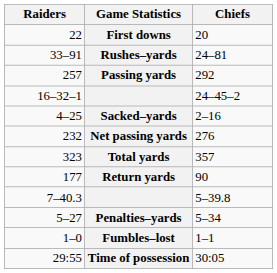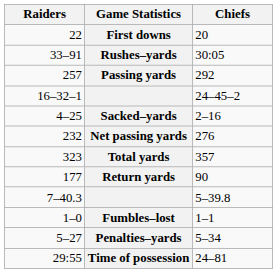 <table class="wikitable" style="margin: 1em auto 1em auto">
 <tr>
 <th style="width:30%;">Raiders</th>
 <th style="width:40%;">Game Statistics</th>
 <th style="width:30%;">Chiefs</th>
 </tr>
 <tr>
 <td style="text-align:right;">22</td>
 <th>First downs</th>
 <td>20</td>
 </tr>
 <tr>
 <td style="text-align:right;">33–91</td>
 <th>Rushes–yards</th>
-<td>24–81</td>
+<td>30:05</td>
 </tr>
 <tr>
 <td style="text-align:right;">257</td>
 <th>Passing yards</th>
 <td>292</td>
 </tr>
 <tr>
 <td style="text-align:right;">16–32–1</td>
 <th></th>
 <td>24–45–2</td>
 </tr>
 <tr>
 <td style="text-align:right;">4–25</td>
 <th>Sacked–yards</th>
 <td>2–16</td>
 </tr>
 <tr>
 <td style="text-align:right;">232</td>
 <th>Net passing yards</th>
 <td>276</td>
 </tr>
 <tr>
 <td style="text-align:right;">323</td>
 <th>Total yards</th>
 <td>357</td>
 </tr>
 <tr>
 <td style="text-align:right;">177</td>
 <th>Return yards</th>
 <td>90</td>
 </tr>
 <tr>
 <td style="text-align:right;">7–40.3</td>
 <th></th>
 <td>5–39.8</td>
 </tr>
 <tr>
+<td style="text-align:right;">1–0</td>
+<th>Fumbles–lost</th>
+<td>1–1</td>
+</tr>
+<tr>
 <td style="text-align:right;">5–27</td>
 <th>Penalties–yards</th>
 <td>5–34</td>
 </tr>
 <tr>
-<td style="text-align:right;">1–0</td>
-<th>Fumbles–lost</th>
-<td>1–1</td>
-</tr>
-<tr>
 <td style="text-align:right;">29:55</td>
 <th>Time of possession</th>
-<td>30:05</td>
+<td>24–81</td>
 </tr>
 </table>
